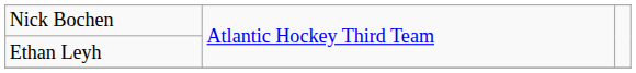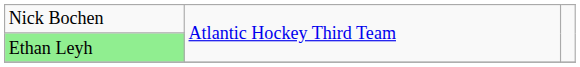 <table class="wikitable" width=40%>
 <tr>
 <td>Nick Bochen</td>
 <td rowspan=2><a href='#'>Atlantic Hockey Third Team</a></td>
 <td rowspan=2></td>
 </tr>
 <tr>
-<td>Ethan Leyh</td>
+<td style="background: lightgreen;">Ethan Leyh</td>
 </tr>
 <tr>
 </tr>
 </table>
